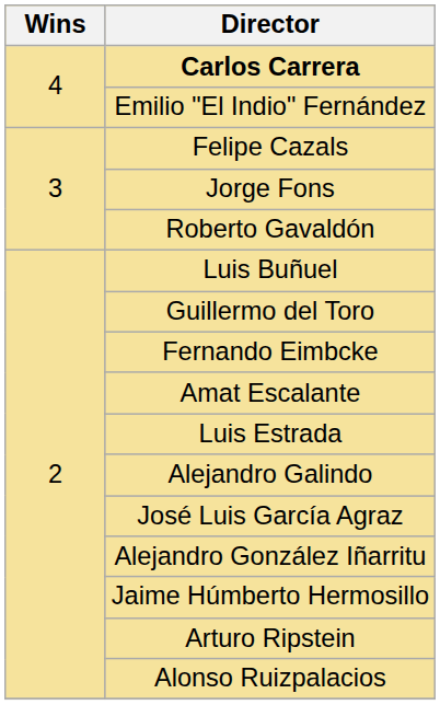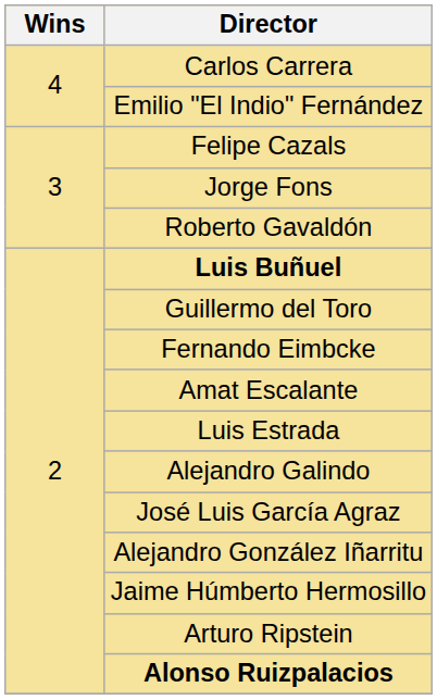 <table class="wikitable" rowspan=2 style="text-align: center; background: #f6e39c">
 <tr>
 <th scope="col" width="55">Wins</th>
 <th scope="col" align="center">Director</th>
 </tr>
 <tr>
 <td rowspan=2 style="text-align:center;">4</td>
-<td><strong>Carlos Carrera</strong></td>
+<td>Carlos Carrera</td>
 </tr>
 <tr>
 <td>Emilio "El Indio" Fernández</td>
 </tr>
 <tr>
 <td rowspan=3 style="text-align:center;">3</td>
 <td>Felipe Cazals</td>
 </tr>
 <tr>
 <td>Jorge Fons</td>
 </tr>
 <tr>
 <td>Roberto Gavaldón</td>
 </tr>
 <tr>
 <td rowspan=11 style="text-align:center;">2</td>
-<td>Luis Buñuel</td>
+<td><strong>Luis Buñuel</strong></td>
 </tr>
 <tr>
 <td>Guillermo del Toro</td>
 </tr>
 <tr>
 <td>Fernando Eimbcke</td>
 </tr>
 <tr>
 <td>Amat Escalante</td>
 </tr>
 <tr>
 <td>Luis Estrada</td>
 </tr>
 <tr>
 <td>Alejandro Galindo</td>
 </tr>
 <tr>
 <td>José Luis García Agraz</td>
 </tr>
 <tr>
 <td>Alejandro González Iñarritu</td>
 </tr>
 <tr>
 <td>Jaime Húmberto Hermosillo</td>
 </tr>
 <tr>
 <td>Arturo Ripstein</td>
 </tr>
 <tr>
-<td>Alonso Ruizpalacios</td>
+<td><strong>Alonso Ruizpalacios</strong></td>
 </tr>
 <tr>
 </tr>
 </table>
